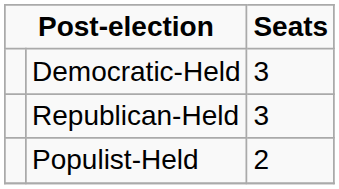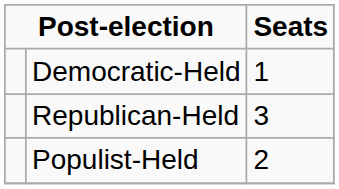 <table class= "wikitable">
 <tr>
 <td colspan= "2" rowspan= "1" align= "center" valign= "top"><strong>Post-election</strong></td>
 <td valign= "top"><strong>Seats</strong><br></td>
 </tr>
 <tr>
 <td style="background-color:"> </td>
 <td>Democratic-Held</td>
-<td>3</td>
+<td>1</td>
 </tr>
 <tr>
 <td style="background-color:"> </td>
 <td>Republican-Held</td>
 <td>3</td>
 </tr>
 <tr>
 <td style="background-color:"> </td>
 <td>Populist-Held</td>
 <td>2</td>
 </tr>
 <tr>
 </tr>
 </table>
